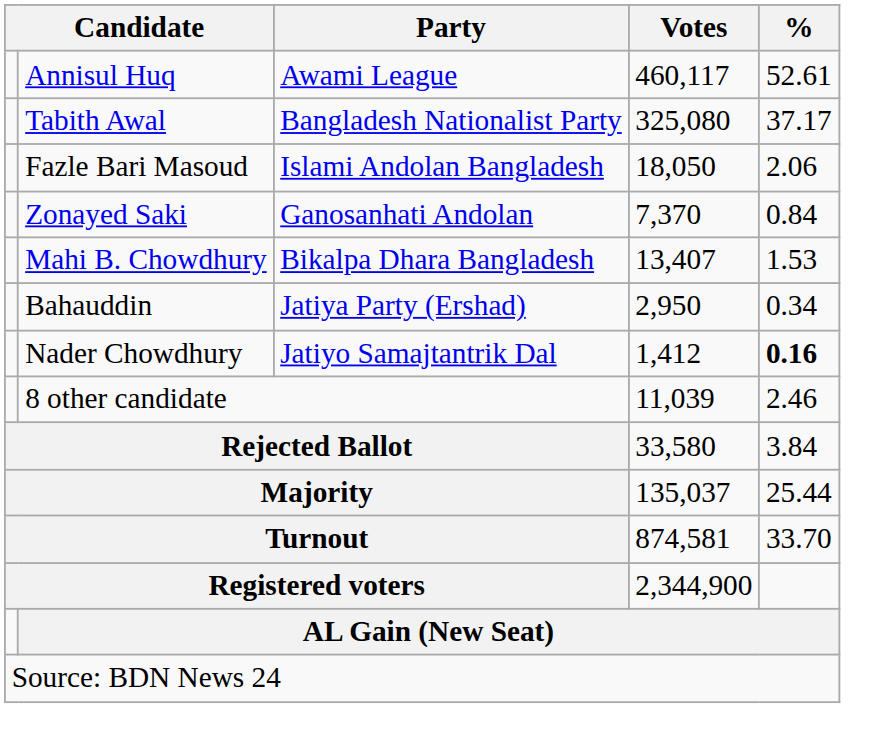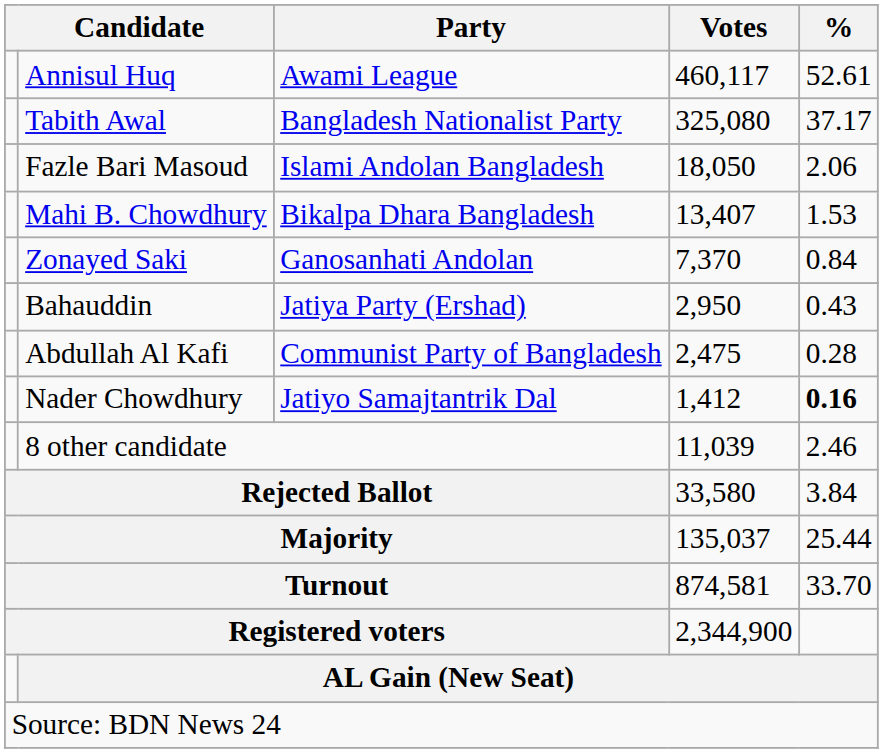 <table class=wikitable style=text-align:left>
 <tr>
 <th colspan=2>Candidate</th>
 <th>Party</th>
 <th>Votes</th>
 <th>%</th>
 </tr>
 <tr>
 <td bgcolor=></td>
 <td align=left><a href='#'>Annisul Huq</a></td>
 <td align=left><a href='#'>Awami League</a></td>
 <td>460,117</td>
 <td>52.61</td>
 </tr>
 <tr>
 <td bgcolor=></td>
 <td align=left><a href='#'>Tabith Awal</a></td>
 <td align=left><a href='#'>Bangladesh Nationalist Party</a></td>
 <td>325,080</td>
 <td>37.17</td>
 </tr>
 <tr>
 <td bgcolor=></td>
 <td align=left>Fazle Bari Masoud</td>
 <td align=left><a href='#'>Islami Andolan Bangladesh</a></td>
 <td>18,050</td>
 <td>2.06</td>
 </tr>
 <tr>
 <td bgcolor=></td>
+<td align=left><a href='#'>Mahi B. Chowdhury</a></td>
+<td align=left><a href='#'>Bikalpa Dhara Bangladesh</a></td>
+<td>13,407</td>
+<td>1.53</td>
+</tr>
+<tr>
+<td bgcolor=></td>
 <td align=left><a href='#'>Zonayed Saki</a></td>
 <td align=left><a href='#'>Ganosanhati Andolan</a></td>
 <td>7,370</td>
 <td>0.84</td>
 </tr>
 <tr>
 <td bgcolor=></td>
-<td align=left><a href='#'>Mahi B. Chowdhury</a></td>
-<td align=left><a href='#'>Bikalpa Dhara Bangladesh</a></td>
-<td>13,407</td>
-<td>1.53</td>
+<td align=left>Bahauddin</td>
+<td align=left><a href='#'>Jatiya Party (Ershad)</a></td>
+<td>2,950</td>
+<td>0.43</td>
 </tr>
 <tr>
 <td bgcolor=></td>
-<td align=left>Bahauddin</td>
-<td align=left><a href='#'>Jatiya Party (Ershad)</a></td>
-<td>2,950</td>
-<td>0.34</td>
+<td align=left>Abdullah Al Kafi</td>
+<td align=left><a href='#'>Communist Party of Bangladesh</a></td>
+<td>2,475</td>
+<td>0.28</td>
 </tr>
 <tr>
 <td bgcolor=></td>
 <td align=left>Nader Chowdhury</td>
 <td align=left><a href='#'>Jatiyo Samajtantrik Dal</a></td>
 <td>1,412</td>
 <td><strong>0.16</strong></td>
 </tr>
 <tr>
 <td></td>
 <td colspan="2" align=left>8 other candidate</td>
 <td>11,039</td>
 <td>2.46</td>
 </tr>
 <tr>
 <th align=right colspan=3>Rejected Ballot</th>
 <td>33,580</td>
 <td>3.84</td>
 </tr>
 <tr>
 <th align=right colspan="3">Majority</th>
 <td>135,037</td>
 <td>25.44</td>
 </tr>
 <tr>
 <th align=right colspan=3><strong>Turnout</strong></th>
 <td>874,581</td>
 <td>33.70</td>
 </tr>
 <tr>
 <th align=right colspan=3>Registered voters</th>
 <td>2,344,900</td>
 <td></td>
 </tr>
 <tr>
 <td style="background-color:"></td>
 <th align=left colspan=4>AL Gain (New Seat)</th>
 </tr>
 <tr>
 <td colspan=5 align=left>Source: BDN News 24</td>
 </tr>
 </table>
